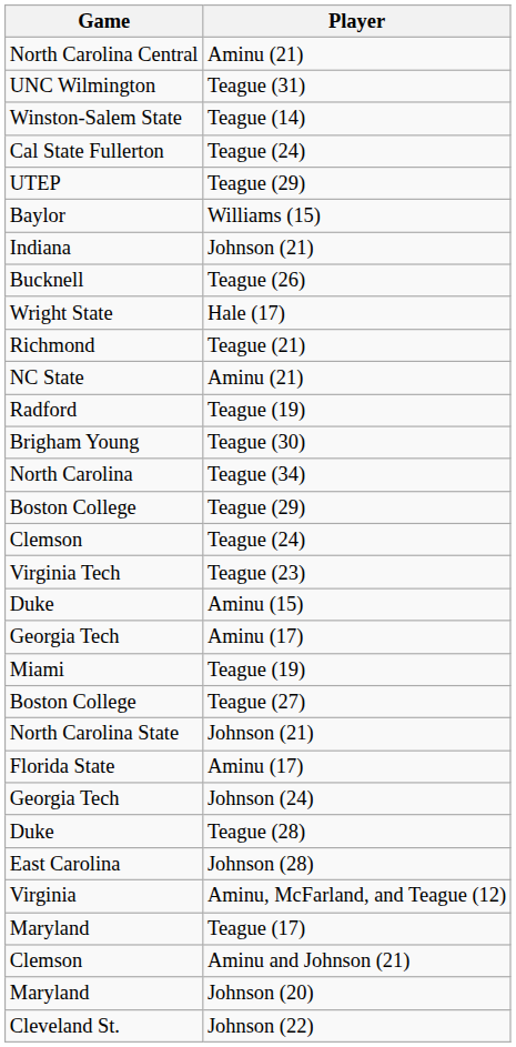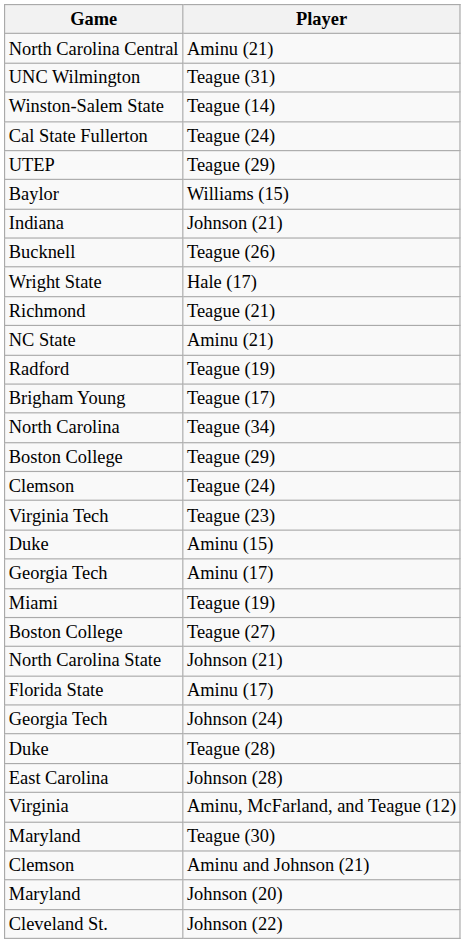 <table class="wikitable">
 <tr>
 <th>Game</th>
 <th>Player</th>
 </tr>
 <tr>
 <td>North Carolina Central</td>
 <td>Aminu (21)</td>
 </tr>
 <tr>
 <td>UNC Wilmington</td>
 <td>Teague (31)</td>
 </tr>
 <tr>
 <td>Winston-Salem State</td>
 <td>Teague (14)</td>
 </tr>
 <tr>
 <td>Cal State Fullerton</td>
 <td>Teague (24)</td>
 </tr>
 <tr>
 <td>UTEP</td>
 <td>Teague (29)</td>
 </tr>
 <tr>
 <td>Baylor</td>
 <td>Williams (15)</td>
 </tr>
 <tr>
 <td>Indiana</td>
 <td>Johnson (21)</td>
 </tr>
 <tr>
 <td>Bucknell</td>
 <td>Teague (26)</td>
 </tr>
 <tr>
 <td>Wright State</td>
 <td>Hale (17)</td>
 </tr>
 <tr>
 <td>Richmond</td>
 <td>Teague (21)</td>
 </tr>
 <tr>
 <td>NC State</td>
 <td>Aminu (21)</td>
 </tr>
 <tr>
 <td>Radford</td>
 <td>Teague (19)</td>
 </tr>
 <tr>
 <td>Brigham Young</td>
-<td>Teague (30)</td>
+<td>Teague (17)</td>
 </tr>
 <tr>
 <td>North Carolina</td>
 <td>Teague (34)</td>
 </tr>
 <tr>
 <td>Boston College</td>
 <td>Teague (29)</td>
 </tr>
 <tr>
 <td>Clemson</td>
 <td>Teague (24)</td>
 </tr>
 <tr>
 <td>Virginia Tech</td>
 <td>Teague (23)</td>
 </tr>
 <tr>
 <td>Duke</td>
 <td>Aminu (15)</td>
 </tr>
 <tr>
 <td>Georgia Tech</td>
 <td>Aminu (17)</td>
 </tr>
 <tr>
 <td>Miami</td>
 <td>Teague (19)</td>
 </tr>
 <tr>
 <td>Boston College</td>
 <td>Teague (27)</td>
 </tr>
 <tr>
 <td>North Carolina State</td>
 <td>Johnson (21)</td>
 </tr>
 <tr>
 <td>Florida State</td>
 <td>Aminu (17)</td>
 </tr>
 <tr>
 <td>Georgia Tech</td>
 <td>Johnson (24)</td>
 </tr>
 <tr>
 <td>Duke</td>
 <td>Teague (28)</td>
 </tr>
 <tr>
 <td>East Carolina</td>
 <td>Johnson (28)</td>
 </tr>
 <tr>
 <td>Virginia</td>
 <td>Aminu, McFarland, and Teague (12)</td>
 </tr>
 <tr>
 <td>Maryland</td>
-<td>Teague (17)</td>
+<td>Teague (30)</td>
 </tr>
 <tr>
 <td>Clemson</td>
 <td>Aminu and Johnson (21)</td>
 </tr>
 <tr>
 <td>Maryland</td>
 <td>Johnson (20)</td>
 </tr>
 <tr>
 <td>Cleveland St.</td>
 <td>Johnson (22)</td>
 </tr>
 </table>
